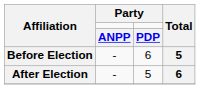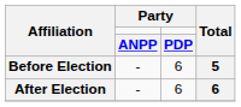 <table class="wikitable" style="text-align:center">
 <tr>
 <th rowspan="3">Affiliation</th>
 <th colspan="2">Party</th>
 <th rowspan="3">Total</th>
 </tr>
 <tr>
 <td style="background-color:"></td>
 <td style="background-color:"></td>
 </tr>
 <tr>
 <th><a href='#'>ANPP</a></th>
 <th><a href='#'>PDP</a></th>
 </tr>
 <tr>
 <th>Before Election</th>
 <td>-</td>
 <td>6</td>
 <th>5</th>
 </tr>
 <tr>
 <th>After Election</th>
 <td>-</td>
-<td>5</td>
+<td>6</td>
 <th>6</th>
 </tr>
 <tr>
 </tr>
 </table>
